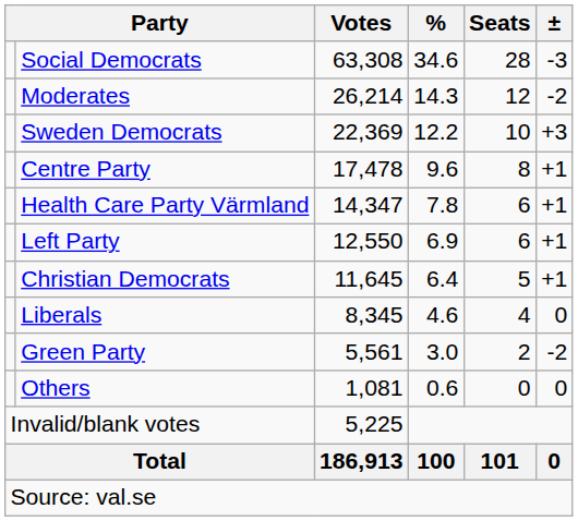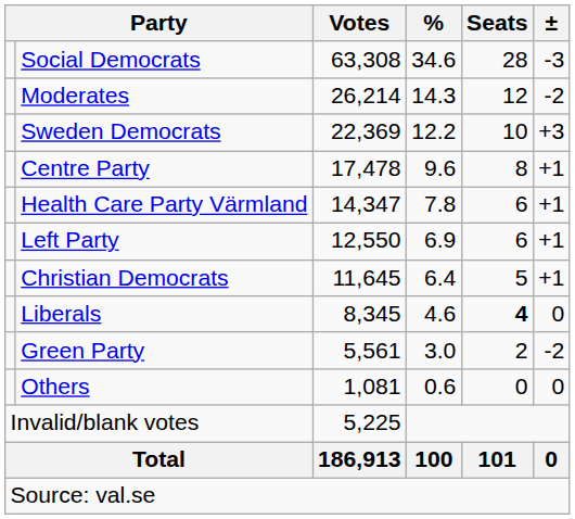 <table class=wikitable style=text-align:right>
 <tr>
 <th colspan=2>Party</th>
 <th>Votes</th>
 <th>%</th>
 <th>Seats</th>
 <th>±</th>
 </tr>
 <tr>
 <td bgcolor=></td>
 <td align=left><a href='#'>Social Democrats</a></td>
 <td>63,308</td>
 <td>34.6</td>
 <td>28</td>
 <td>-3</td>
 </tr>
 <tr>
 <td bgcolor=></td>
 <td align=left><a href='#'>Moderates</a></td>
 <td>26,214</td>
 <td>14.3</td>
 <td>12</td>
 <td>-2</td>
 </tr>
 <tr>
 <td bgcolor=></td>
 <td align=left><a href='#'>Sweden Democrats</a></td>
 <td>22,369</td>
 <td>12.2</td>
 <td>10</td>
 <td>+3</td>
 </tr>
 <tr>
 <td bgcolor=></td>
 <td align=left><a href='#'>Centre Party</a></td>
 <td>17,478</td>
 <td>9.6</td>
 <td>8</td>
 <td>+1</td>
 </tr>
 <tr>
 <td></td>
 <td align=left><a href='#'>Health Care Party Värmland</a></td>
 <td>14,347</td>
 <td>7.8</td>
 <td>6</td>
 <td>+1</td>
 </tr>
 <tr>
 <td bgcolor=></td>
 <td align=left><a href='#'>Left Party</a></td>
 <td>12,550</td>
 <td>6.9</td>
 <td>6</td>
 <td>+1</td>
 </tr>
 <tr>
 <td bgcolor=></td>
 <td align=left><a href='#'>Christian Democrats</a></td>
 <td>11,645</td>
 <td>6.4</td>
 <td>5</td>
 <td>+1</td>
 </tr>
 <tr>
 <td bgcolor=></td>
 <td align=left><a href='#'>Liberals</a></td>
 <td>8,345</td>
 <td>4.6</td>
-<td>4</td>
+<td><strong>4</strong></td>
 <td>0</td>
 </tr>
 <tr>
 <td bgcolor=></td>
 <td align=left><a href='#'>Green Party</a></td>
 <td>5,561</td>
 <td>3.0</td>
 <td>2</td>
 <td>-2</td>
 </tr>
 <tr>
 <td></td>
 <td align=left><a href='#'>Others</a></td>
 <td>1,081</td>
 <td>0.6</td>
 <td>0</td>
 <td>0</td>
 </tr>
 <tr>
 <td align=left colspan=2>Invalid/blank votes</td>
 <td>5,225</td>
 <td colspan=3></td>
 </tr>
 <tr>
 <th align=left colspan=2>Total</th>
 <th>186,913</th>
 <th>100</th>
 <th>101</th>
 <th>0</th>
 </tr>
 <tr>
 <td align=left colspan=6>Source: val.se </td>
 </tr>
 </table>
